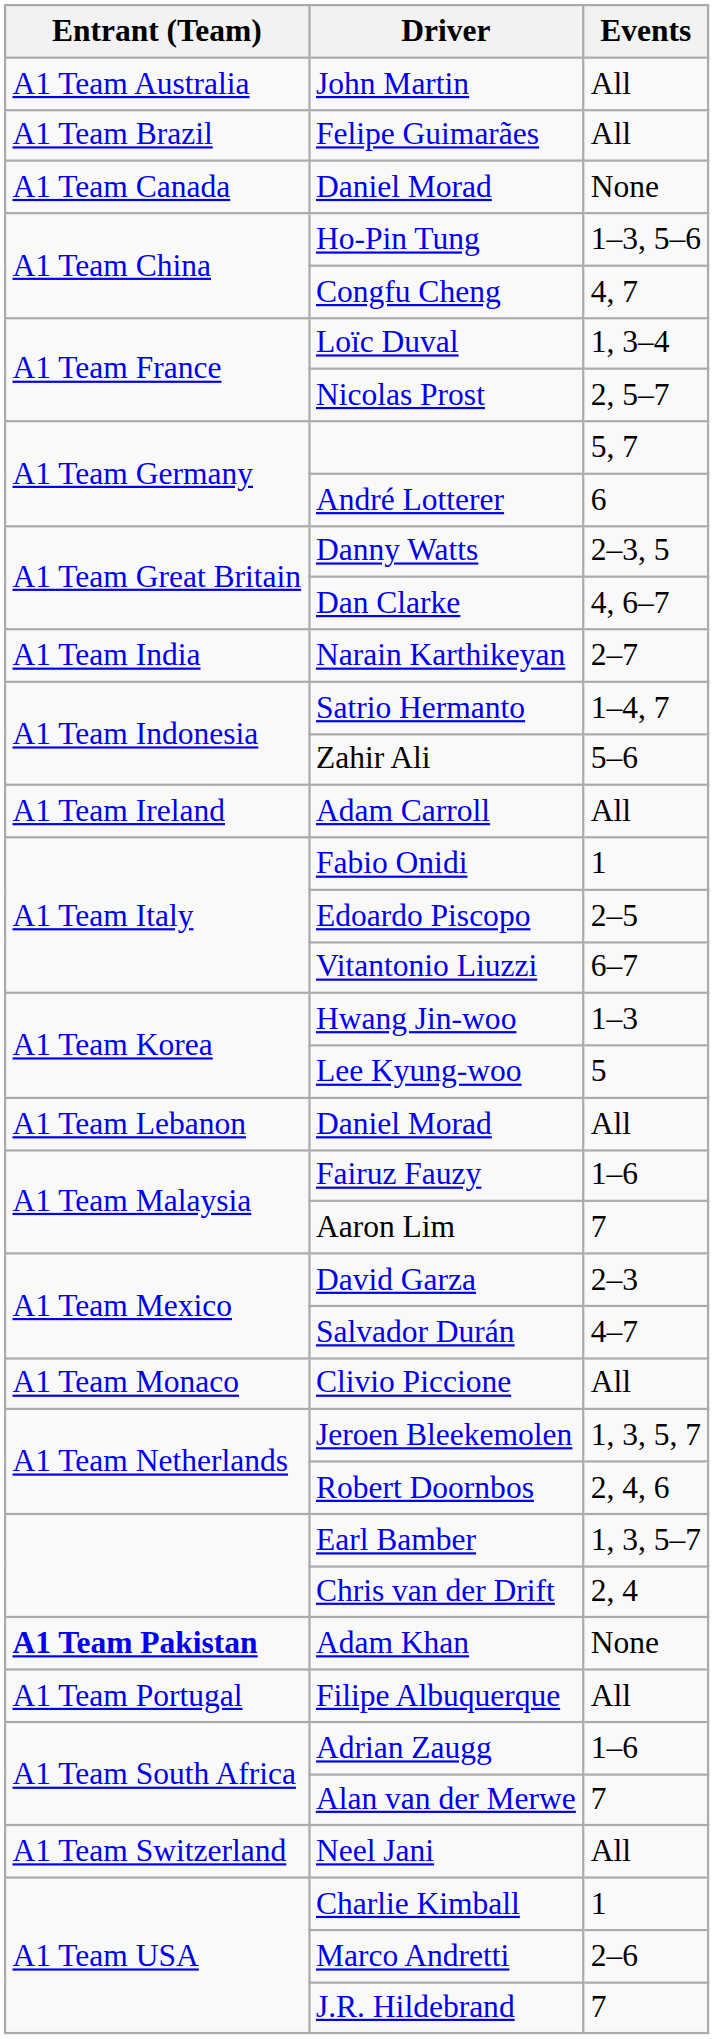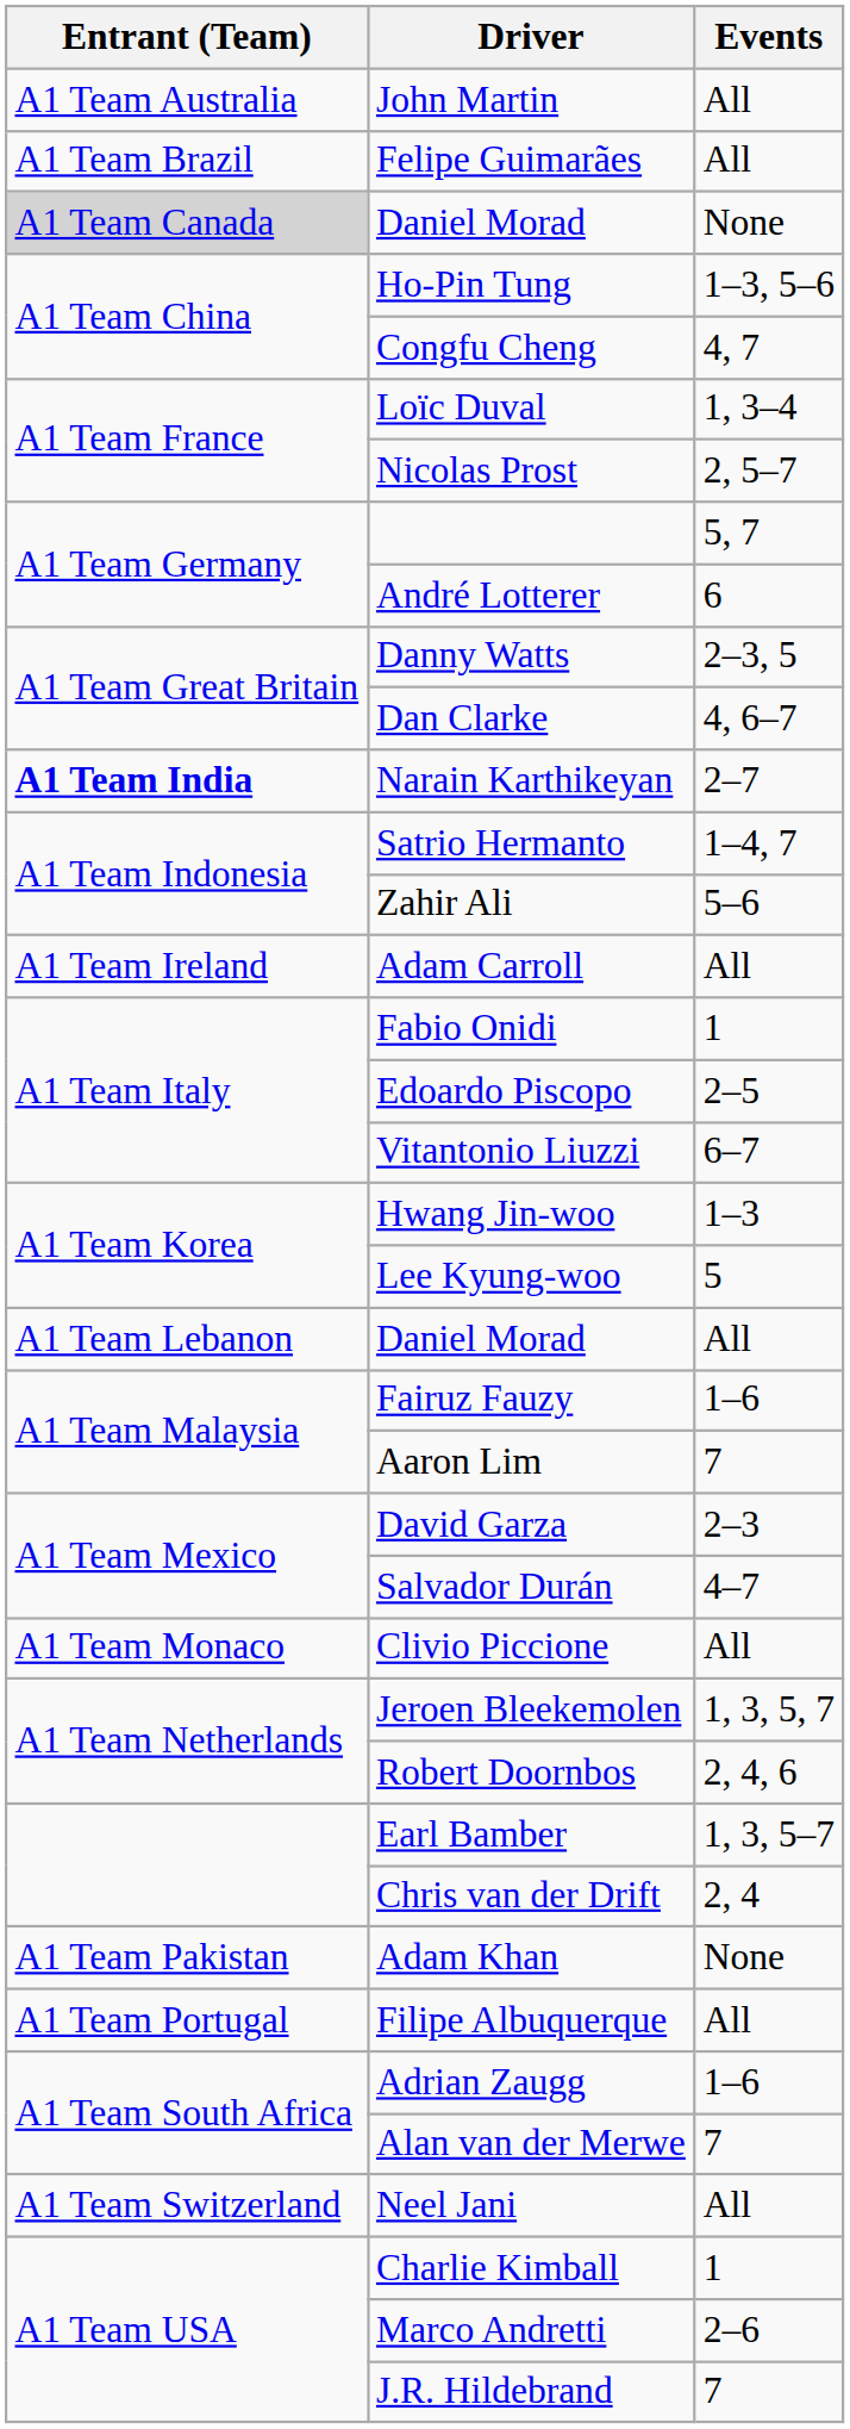 <table class="wikitable" style="font-size: 90%;">
 <tr>
 <th>Entrant (Team)</th>
 <th>Driver</th>
 <th>Events</th>
 </tr>
 <tr>
 <td> <a href='#'>A1 Team Australia</a><br></td>
 <td><a href='#'>John Martin</a></td>
 <td>All</td>
 </tr>
 <tr>
 <td> <a href='#'>A1 Team Brazil</a><br></td>
 <td><a href='#'>Felipe Guimarães</a></td>
 <td>All</td>
 </tr>
 <tr>
-<td> <a href='#'>A1 Team Canada</a><br></td>
+<td style="background: lightgrey;"> <a href='#'>A1 Team Canada</a><br></td>
 <td><a href='#'>Daniel Morad</a></td>
 <td>None</td>
 </tr>
 <tr>
 <td rowspan=2> <a href='#'>A1 Team China</a><br></td>
 <td><a href='#'>Ho-Pin Tung</a></td>
 <td>1–3, 5–6</td>
 </tr>
 <tr>
 <td><a href='#'>Congfu Cheng</a></td>
 <td>4, 7</td>
 </tr>
 <tr>
 <td rowspan=2> <a href='#'>A1 Team France</a><br></td>
 <td><a href='#'>Loïc Duval</a></td>
 <td>1, 3–4</td>
 </tr>
 <tr>
 <td><a href='#'>Nicolas Prost</a></td>
 <td>2, 5–7</td>
 </tr>
 <tr>
 <td rowspan=2> <a href='#'>A1 Team Germany</a><br></td>
 <td></td>
 <td>5, 7</td>
 </tr>
 <tr>
 <td><a href='#'>André Lotterer</a></td>
 <td>6</td>
 </tr>
 <tr>
 <td rowspan=2> <a href='#'>A1 Team Great Britain</a><br></td>
 <td><a href='#'>Danny Watts</a></td>
 <td>2–3, 5</td>
 </tr>
 <tr>
 <td><a href='#'>Dan Clarke</a></td>
 <td>4, 6–7</td>
 </tr>
 <tr>
-<td> <a href='#'>A1 Team India</a><br></td>
+<td><strong> <a href='#'>A1 Team India</a><br></strong></td>
 <td><a href='#'>Narain Karthikeyan</a></td>
 <td>2–7</td>
 </tr>
 <tr>
 <td rowspan=2> <a href='#'>A1 Team Indonesia</a><br></td>
 <td><a href='#'>Satrio Hermanto</a></td>
 <td>1–4, 7</td>
 </tr>
 <tr>
 <td>Zahir Ali</td>
 <td>5–6</td>
 </tr>
 <tr>
 <td> <a href='#'>A1 Team Ireland</a><br></td>
 <td><a href='#'>Adam Carroll</a></td>
 <td>All</td>
 </tr>
 <tr>
 <td rowspan=3> <a href='#'>A1 Team Italy</a><br></td>
 <td><a href='#'>Fabio Onidi</a></td>
 <td>1</td>
 </tr>
 <tr>
 <td><a href='#'>Edoardo Piscopo</a></td>
 <td>2–5</td>
 </tr>
 <tr>
 <td><a href='#'>Vitantonio Liuzzi</a></td>
 <td>6–7</td>
 </tr>
 <tr>
 <td rowspan=2> <a href='#'>A1 Team Korea</a><br></td>
 <td><a href='#'>Hwang Jin-woo</a></td>
 <td>1–3</td>
 </tr>
 <tr>
 <td align=left><a href='#'>Lee Kyung-woo</a></td>
 <td>5</td>
 </tr>
 <tr>
 <td> <a href='#'>A1 Team Lebanon</a><br></td>
 <td> <a href='#'>Daniel Morad</a></td>
 <td>All</td>
 </tr>
 <tr>
 <td rowspan=2> <a href='#'>A1 Team Malaysia</a></td>
 <td><a href='#'>Fairuz Fauzy</a></td>
 <td>1–6</td>
 </tr>
 <tr>
 <td>Aaron Lim</td>
 <td>7</td>
 </tr>
 <tr>
 <td rowspan=2> <a href='#'>A1 Team Mexico</a><br></td>
 <td><a href='#'>David Garza</a></td>
 <td>2–3</td>
 </tr>
 <tr>
 <td><a href='#'>Salvador Durán</a></td>
 <td>4–7</td>
 </tr>
 <tr>
 <td> <a href='#'>A1 Team Monaco</a></td>
 <td><a href='#'>Clivio Piccione</a></td>
 <td>All</td>
 </tr>
 <tr>
 <td rowspan=2> <a href='#'>A1 Team Netherlands</a><br></td>
 <td><a href='#'>Jeroen Bleekemolen</a></td>
 <td>1, 3, 5, 7</td>
 </tr>
 <tr>
 <td><a href='#'>Robert Doornbos</a></td>
 <td>2, 4, 6</td>
 </tr>
 <tr>
 <td rowspan=2><br></td>
 <td><a href='#'>Earl Bamber</a></td>
 <td>1, 3, 5–7</td>
 </tr>
 <tr>
 <td><a href='#'>Chris van der Drift</a></td>
 <td>2, 4</td>
 </tr>
 <tr>
-<td><strong> <a href='#'>A1 Team Pakistan</a><br></strong></td>
+<td> <a href='#'>A1 Team Pakistan</a><br></td>
 <td><a href='#'>Adam Khan</a></td>
 <td>None</td>
 </tr>
 <tr>
 <td> <a href='#'>A1 Team Portugal</a><br></td>
 <td><a href='#'>Filipe Albuquerque</a></td>
 <td>All</td>
 </tr>
 <tr>
 <td rowspan=2> <a href='#'>A1 Team South Africa</a><br></td>
 <td><a href='#'>Adrian Zaugg</a></td>
 <td>1–6</td>
 </tr>
 <tr>
 <td><a href='#'>Alan van der Merwe</a></td>
 <td>7</td>
 </tr>
 <tr>
 <td> <a href='#'>A1 Team Switzerland</a><br></td>
 <td><a href='#'>Neel Jani</a></td>
 <td>All</td>
 </tr>
 <tr>
 <td rowspan=3> <a href='#'>A1 Team USA</a><br></td>
 <td><a href='#'>Charlie Kimball</a></td>
 <td>1</td>
 </tr>
 <tr>
 <td><a href='#'>Marco Andretti</a></td>
 <td>2–6</td>
 </tr>
 <tr>
 <td><a href='#'>J.R. Hildebrand</a></td>
 <td>7</td>
 </tr>
 </table>
